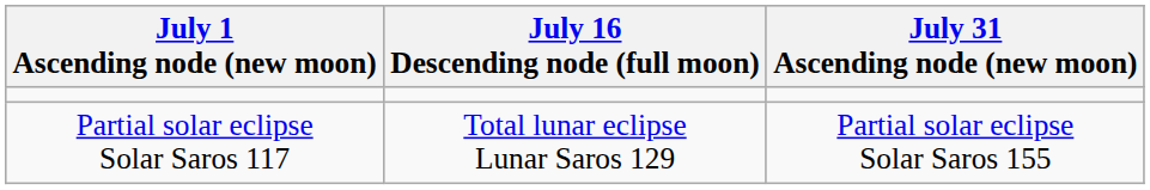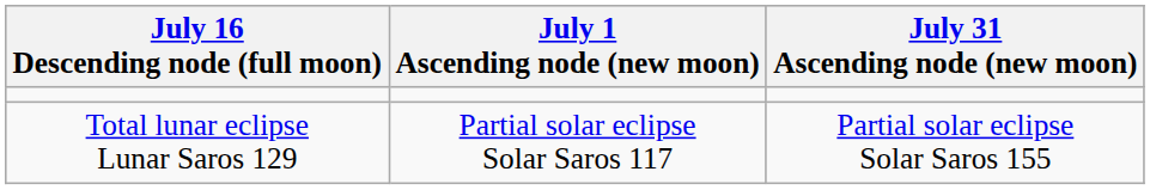 <table class="wikitable">
 <tr>
+<th><a href='#'>July 16</a><br>Descending node (full moon)<br></th>
 <th><a href='#'>July 1</a><br>Ascending node (new moon)<br></th>
-<th><a href='#'>July 16</a><br>Descending node (full moon)<br></th>
 <th><a href='#'>July 31</a><br>Ascending node (new moon)<br></th>
 </tr>
 <tr>
 <td></td>
 <td></td>
 <td></td>
 </tr>
 <tr align=center>
+<td><a href='#'>Total lunar eclipse</a><br>Lunar Saros 129</td>
 <td><a href='#'>Partial solar eclipse</a><br>Solar Saros 117</td>
-<td><a href='#'>Total lunar eclipse</a><br>Lunar Saros 129</td>
 <td><a href='#'>Partial solar eclipse</a><br>Solar Saros 155</td>
 </tr>
 </table>
